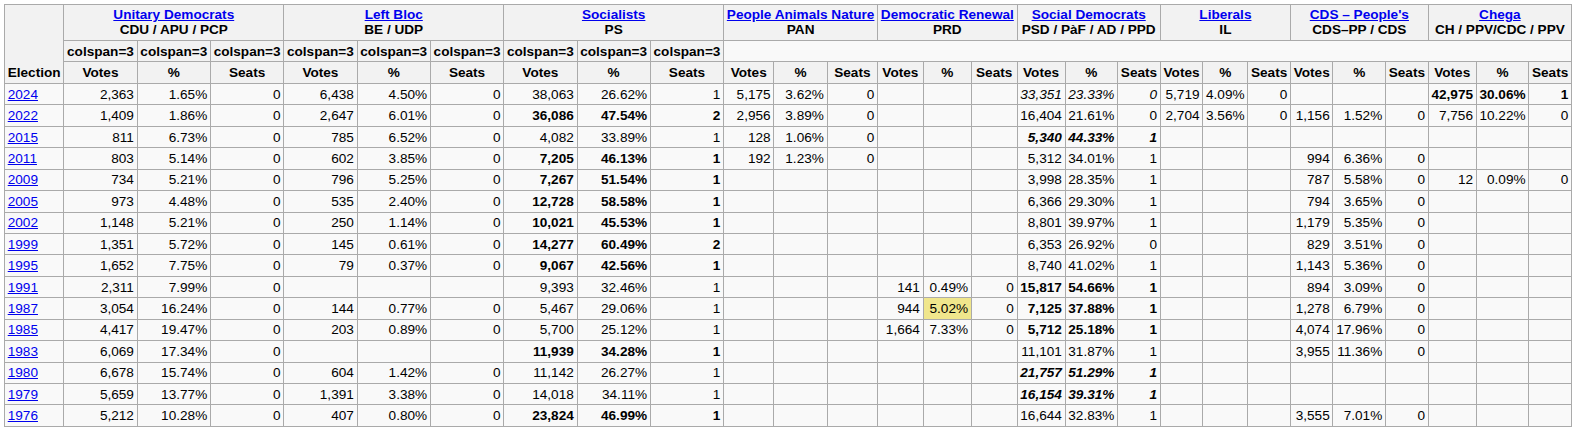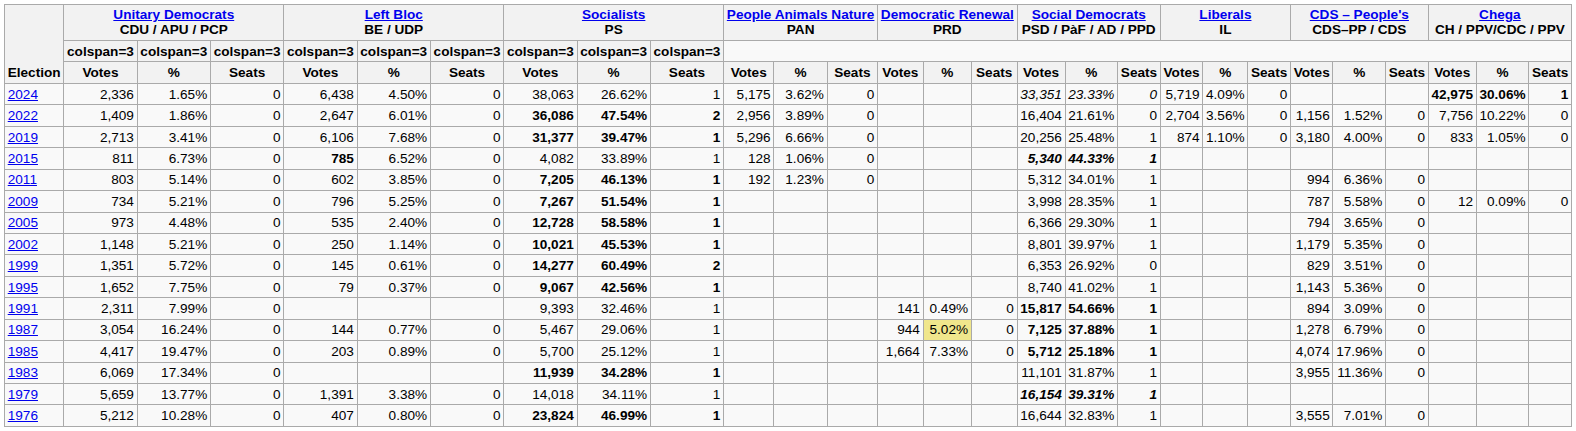 <table class="wikitable" border="1" style="font-size:85%; text-align:right;">
 <tr>
 <th style="text-align:left;" valign=bottom rowspan=3>Election</th>
 <th valign=bottom colspan=3><a href='#'>Unitary Democrats</a><br>CDU / APU / PCP</th>
 <th valign=bottom colspan=3><a href='#'>Left Bloc</a><br>BE / UDP</th>
 <th valign=bottom colspan=3><a href='#'>Socialists</a><br>PS</th>
 <th valign=bottom colspan=3><a href='#'>People Animals Nature</a><br>PAN</th>
 <th valign=bottom colspan=3><a href='#'>Democratic Renewal</a><br>PRD</th>
 <th valign=bottom colspan=3><a href='#'>Social Democrats</a><br>PSD / PàF / AD / PPD</th>
 <th valign=bottom colspan=3><a href='#'>Liberals</a><br>IL</th>
 <th valign=bottom colspan=3><a href='#'>CDS – People's</a><br>CDS–PP / CDS</th>
 <th valign=bottom colspan=3><a href='#'>Chega</a><br>CH / PPV/CDC / PPV</th>
 </tr>
 <tr>
 <th>colspan=3 </th>
 <th>colspan=3 </th>
 <th>colspan=3 </th>
 <th>colspan=3 </th>
 <th>colspan=3 </th>
 <th>colspan=3 </th>
 <th>colspan=3 </th>
 <th>colspan=3 </th>
 <th>colspan=3 </th>
 </tr>
 <tr>
 <th>Votes</th>
 <th>%</th>
 <th>Seats</th>
 <th>Votes</th>
 <th>%</th>
 <th>Seats</th>
 <th>Votes</th>
 <th>%</th>
 <th>Seats</th>
 <th>Votes</th>
 <th>%</th>
 <th>Seats</th>
 <th>Votes</th>
 <th>%</th>
 <th>Seats</th>
 <th>Votes</th>
 <th>%</th>
 <th>Seats</th>
 <th>Votes</th>
 <th>%</th>
 <th>Seats</th>
 <th>Votes</th>
 <th>%</th>
 <th>Seats</th>
 <th>Votes</th>
 <th>%</th>
 <th>Seats</th>
 </tr>
 <tr>
 <td align=left><a href='#'>2024</a></td>
-<td>2,363</td>
+<td>2,336</td>
 <td>1.65%</td>
 <td>0</td>
 <td>6,438</td>
 <td>4.50%</td>
 <td>0</td>
 <td>38,063</td>
 <td>26.62%</td>
 <td>1</td>
 <td>5,175</td>
 <td>3.62%</td>
 <td>0</td>
 <td></td>
 <td></td>
 <td></td>
 <td><em>33,351</em></td>
 <td><em>23.33%</em></td>
 <td><em>0</em></td>
 <td>5,719</td>
 <td>4.09%</td>
 <td>0</td>
 <td></td>
 <td></td>
 <td></td>
 <td><strong>42,975</strong></td>
 <td><strong>30.06%</strong></td>
 <td><strong>1</strong></td>
 </tr>
 <tr>
 <td align=left><a href='#'>2022</a></td>
 <td>1,409</td>
 <td>1.86%</td>
 <td>0</td>
 <td>2,647</td>
 <td>6.01%</td>
 <td>0</td>
 <td><strong>36,086</strong></td>
 <td><strong>47.54%</strong></td>
 <td><strong>2</strong></td>
 <td>2,956</td>
 <td>3.89%</td>
 <td>0</td>
 <td></td>
 <td></td>
 <td></td>
 <td>16,404</td>
 <td>21.61%</td>
 <td>0</td>
 <td>2,704</td>
 <td>3.56%</td>
 <td>0</td>
 <td>1,156</td>
 <td>1.52%</td>
 <td>0</td>
 <td>7,756</td>
 <td>10.22%</td>
 <td>0</td>
 </tr>
 <tr>
+<td align=left><a href='#'>2019</a></td>
+<td>2,713</td>
+<td>3.41%</td>
+<td>0</td>
+<td>6,106</td>
+<td>7.68%</td>
+<td>0</td>
+<td><strong>31,377</strong></td>
+<td><strong>39.47%</strong></td>
+<td><strong>1</strong></td>
+<td>5,296</td>
+<td>6.66%</td>
+<td>0</td>
+<td></td>
+<td></td>
+<td></td>
+<td>20,256</td>
+<td>25.48%</td>
+<td>1</td>
+<td>874</td>
+<td>1.10%</td>
+<td>0</td>
+<td>3,180</td>
+<td>4.00%</td>
+<td>0</td>
+<td>833</td>
+<td>1.05%</td>
+<td>0</td>
+</tr>
+<tr>
 <td align=left><a href='#'>2015</a></td>
 <td>811</td>
 <td>6.73%</td>
 <td>0</td>
-<td>785</td>
+<td><strong>785</strong></td>
 <td>6.52%</td>
 <td>0</td>
 <td>4,082</td>
 <td>33.89%</td>
 <td>1</td>
 <td>128</td>
 <td>1.06%</td>
 <td>0</td>
 <td></td>
 <td></td>
 <td></td>
 <td><strong><em>5,340</em></strong></td>
 <td><strong><em>44.33%</em></strong></td>
 <td><strong><em>1</em></strong></td>
 <td></td>
 <td></td>
 <td></td>
 <td></td>
 <td></td>
 <td></td>
 <td></td>
 <td></td>
 <td></td>
 </tr>
 <tr>
 <td align=left><a href='#'>2011</a></td>
 <td>803</td>
 <td>5.14%</td>
 <td>0</td>
 <td>602</td>
 <td>3.85%</td>
 <td>0</td>
 <td><strong>7,205</strong></td>
 <td><strong>46.13%</strong></td>
 <td><strong>1</strong></td>
 <td>192</td>
 <td>1.23%</td>
 <td>0</td>
 <td></td>
 <td></td>
 <td></td>
 <td>5,312</td>
 <td>34.01%</td>
 <td>1</td>
 <td></td>
 <td></td>
 <td></td>
 <td>994</td>
 <td>6.36%</td>
 <td>0</td>
 <td></td>
 <td></td>
 <td></td>
 </tr>
 <tr>
 <td align=left><a href='#'>2009</a></td>
 <td>734</td>
 <td>5.21%</td>
 <td>0</td>
 <td>796</td>
 <td>5.25%</td>
 <td>0</td>
 <td><strong>7,267</strong></td>
 <td><strong>51.54%</strong></td>
 <td><strong>1</strong></td>
 <td></td>
 <td></td>
 <td></td>
 <td></td>
 <td></td>
 <td></td>
 <td>3,998</td>
 <td>28.35%</td>
 <td>1</td>
 <td></td>
 <td></td>
 <td></td>
 <td>787</td>
 <td>5.58%</td>
 <td>0</td>
 <td>12</td>
 <td>0.09%</td>
 <td>0</td>
 </tr>
 <tr>
 <td align=left><a href='#'>2005</a></td>
 <td>973</td>
 <td>4.48%</td>
 <td>0</td>
 <td>535</td>
 <td>2.40%</td>
 <td>0</td>
 <td><strong>12,728</strong></td>
 <td><strong>58.58%</strong></td>
 <td><strong>1</strong></td>
 <td></td>
 <td></td>
 <td></td>
 <td></td>
 <td></td>
 <td></td>
 <td>6,366</td>
 <td>29.30%</td>
 <td>1</td>
 <td></td>
 <td></td>
 <td></td>
 <td>794</td>
 <td>3.65%</td>
 <td>0</td>
 <td></td>
 <td></td>
 <td></td>
 </tr>
 <tr>
 <td align=left><a href='#'>2002</a></td>
 <td>1,148</td>
 <td>5.21%</td>
 <td>0</td>
 <td>250</td>
 <td>1.14%</td>
 <td>0</td>
 <td><strong>10,021</strong></td>
 <td><strong>45.53%</strong></td>
 <td><strong>1</strong></td>
 <td></td>
 <td></td>
 <td></td>
 <td></td>
 <td></td>
 <td></td>
 <td>8,801</td>
 <td>39.97%</td>
 <td>1</td>
 <td></td>
 <td></td>
 <td></td>
 <td>1,179</td>
 <td>5.35%</td>
 <td>0</td>
 <td></td>
 <td></td>
 <td></td>
 </tr>
 <tr>
 <td align=left><a href='#'>1999</a></td>
 <td>1,351</td>
 <td>5.72%</td>
 <td>0</td>
 <td>145</td>
 <td>0.61%</td>
 <td>0</td>
 <td><strong>14,277</strong></td>
 <td><strong>60.49%</strong></td>
 <td><strong>2</strong></td>
 <td></td>
 <td></td>
 <td></td>
 <td></td>
 <td></td>
 <td></td>
 <td>6,353</td>
 <td>26.92%</td>
 <td>0</td>
 <td></td>
 <td></td>
 <td></td>
 <td>829</td>
 <td>3.51%</td>
 <td>0</td>
 <td></td>
 <td></td>
 <td></td>
 </tr>
 <tr>
 <td align=left><a href='#'>1995</a></td>
 <td>1,652</td>
 <td>7.75%</td>
 <td>0</td>
 <td>79</td>
 <td>0.37%</td>
 <td>0</td>
 <td><strong>9,067</strong></td>
 <td><strong>42.56%</strong></td>
 <td><strong>1</strong></td>
 <td></td>
 <td></td>
 <td></td>
 <td></td>
 <td></td>
 <td></td>
 <td>8,740</td>
 <td>41.02%</td>
 <td>1</td>
 <td></td>
 <td></td>
 <td></td>
 <td>1,143</td>
 <td>5.36%</td>
 <td>0</td>
 <td></td>
 <td></td>
 <td></td>
 </tr>
 <tr>
 <td align=left><a href='#'>1991</a></td>
 <td>2,311</td>
 <td>7.99%</td>
 <td>0</td>
 <td></td>
 <td></td>
 <td></td>
 <td>9,393</td>
 <td>32.46%</td>
 <td>1</td>
 <td></td>
 <td></td>
 <td></td>
 <td>141</td>
 <td>0.49%</td>
 <td>0</td>
 <td><strong>15,817</strong></td>
 <td><strong>54.66%</strong></td>
 <td><strong>1</strong></td>
 <td></td>
 <td></td>
 <td></td>
 <td>894</td>
 <td>3.09%</td>
 <td>0</td>
 <td></td>
 <td></td>
 <td></td>
 </tr>
 <tr>
 <td align=left><a href='#'>1987</a></td>
 <td>3,054</td>
 <td>16.24%</td>
 <td>0</td>
 <td>144</td>
 <td>0.77%</td>
 <td>0</td>
 <td>5,467</td>
 <td>29.06%</td>
 <td>1</td>
 <td></td>
 <td></td>
 <td></td>
 <td>944</td>
 <td style="background: khaki;">5.02%</td>
 <td>0</td>
 <td><strong>7,125</strong></td>
 <td><strong>37.88%</strong></td>
 <td><strong>1</strong></td>
 <td></td>
 <td></td>
 <td></td>
 <td>1,278</td>
 <td>6.79%</td>
 <td>0</td>
 <td></td>
 <td></td>
 <td></td>
 </tr>
 <tr>
 <td align=left><a href='#'>1985</a></td>
 <td>4,417</td>
 <td>19.47%</td>
 <td>0</td>
 <td>203</td>
 <td>0.89%</td>
 <td>0</td>
 <td>5,700</td>
 <td>25.12%</td>
 <td>1</td>
 <td></td>
 <td></td>
 <td></td>
 <td>1,664</td>
 <td>7.33%</td>
 <td>0</td>
 <td><strong>5,712</strong></td>
 <td><strong>25.18%</strong></td>
 <td><strong>1</strong></td>
 <td></td>
 <td></td>
 <td></td>
 <td>4,074</td>
 <td>17.96%</td>
 <td>0</td>
 <td></td>
 <td></td>
 <td></td>
 </tr>
 <tr>
 <td align=left><a href='#'>1983</a></td>
 <td>6,069</td>
 <td>17.34%</td>
 <td>0</td>
 <td></td>
 <td></td>
 <td></td>
 <td><strong>11,939</strong></td>
 <td><strong>34.28%</strong></td>
 <td><strong>1</strong></td>
 <td></td>
 <td></td>
 <td></td>
 <td></td>
 <td></td>
 <td></td>
 <td>11,101</td>
 <td>31.87%</td>
 <td>1</td>
 <td></td>
 <td></td>
 <td></td>
 <td>3,955</td>
 <td>11.36%</td>
 <td>0</td>
 <td></td>
 <td></td>
 <td></td>
 </tr>
 <tr>
-<td align=left><a href='#'>1980</a></td>
-<td>6,678</td>
-<td>15.74%</td>
-<td>0</td>
-<td>604</td>
-<td>1.42%</td>
-<td>0</td>
-<td>11,142</td>
-<td>26.27%</td>
-<td>1</td>
-<td></td>
-<td></td>
-<td></td>
-<td></td>
-<td></td>
-<td></td>
-<td><strong><em>21,757</em></strong></td>
-<td><strong><em>51.29%</em></strong></td>
-<td><strong><em>1</em></strong></td>
-<td></td>
-<td></td>
-<td></td>
-<td></td>
-<td></td>
-<td></td>
-<td></td>
-<td></td>
-<td></td>
-</tr>
-<tr>
 <td align=left><a href='#'>1979</a></td>
 <td>5,659</td>
 <td>13.77%</td>
 <td>0</td>
 <td>1,391</td>
 <td>3.38%</td>
 <td>0</td>
 <td>14,018</td>
 <td>34.11%</td>
 <td>1</td>
 <td></td>
 <td></td>
 <td></td>
 <td></td>
 <td></td>
 <td></td>
 <td><strong><em>16,154</em></strong></td>
 <td><strong><em>39.31%</em></strong></td>
 <td><strong><em>1</em></strong></td>
 <td></td>
 <td></td>
 <td></td>
 <td></td>
 <td></td>
 <td></td>
 <td></td>
 <td></td>
 <td></td>
 </tr>
 <tr>
 <td align=left><a href='#'>1976</a></td>
 <td>5,212</td>
 <td>10.28%</td>
 <td>0</td>
 <td>407</td>
 <td>0.80%</td>
 <td>0</td>
 <td><strong>23,824</strong></td>
 <td><strong>46.99%</strong></td>
 <td><strong>1</strong></td>
 <td></td>
 <td></td>
 <td></td>
 <td></td>
 <td></td>
 <td></td>
 <td>16,644</td>
 <td>32.83%</td>
 <td>1</td>
 <td></td>
 <td></td>
 <td></td>
 <td>3,555</td>
 <td>7.01%</td>
 <td>0</td>
 <td></td>
 <td></td>
 <td></td>
 </tr>
 </table>
